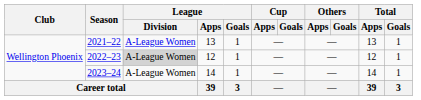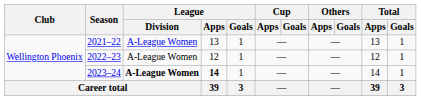 <table class="wikitable" style="text-align: center;">
 <tr>
 <th rowspan=2>Club</th>
 <th rowspan=2>Season</th>
 <th colspan=3>League</th>
 <th colspan=2>Cup</th>
 <th colspan=2>Others</th>
 <th colspan=2>Total</th>
 </tr>
 <tr>
 <th>Division</th>
 <th>Apps</th>
 <th>Goals</th>
 <th>Apps</th>
 <th>Goals</th>
 <th>Apps</th>
 <th>Goals</th>
 <th>Apps</th>
 <th>Goals</th>
 </tr>
 <tr>
 <td rowspan="3"><a href='#'>Wellington Phoenix</a></td>
 <td><a href='#'>2021–22</a></td>
 <td><a href='#'>A-League Women</a></td>
 <td>13</td>
 <td>1</td>
 <td colspan=2>—</td>
 <td colspan=2>—</td>
 <td>13</td>
 <td>1</td>
 </tr>
 <tr>
 <td><a href='#'>2022–23</a></td>
-<td style="background: lightgrey;">A-League Women</td>
+<td>A-League Women</td>
 <td>12</td>
 <td>1</td>
 <td colspan=2>—</td>
 <td colspan=2>—</td>
 <td>12</td>
 <td>1</td>
 </tr>
 <tr>
 <td><a href='#'>2023–24</a></td>
-<td>A-League Women</td>
-<td>14</td>
+<td><strong>A-League Women</strong></td>
+<td><strong>14</strong></td>
 <td>1</td>
 <td colspan=2>—</td>
 <td colspan=2>—</td>
 <td>14</td>
 <td>1</td>
 </tr>
 <tr>
 <th colspan=3>Career total</th>
 <th>39</th>
 <th>3</th>
 <th colspan=2>—</th>
 <th colspan=2>—</th>
 <th>39</th>
 <th>3</th>
 </tr>
 </table>
